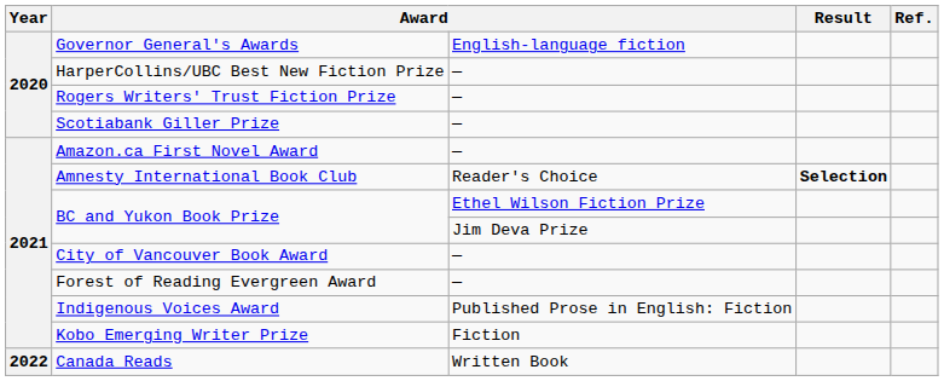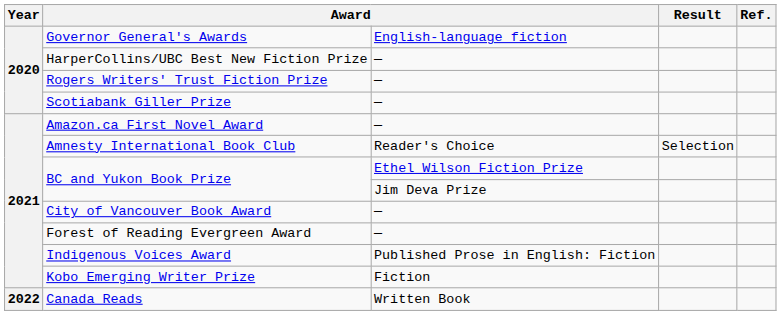 <table class="wikitable sortable">
 <tr>
 <th>Year</th>
 <th colspan="2">Award</th>
 <th>Result</th>
 <th>Ref.</th>
 </tr>
 <tr>
 <th rowspan="4">2020</th>
 <td><a href='#'>Governor General's Awards</a></td>
 <td><a href='#'>English-language fiction</a></td>
 <td></td>
 <td><em></em></td>
 </tr>
 <tr>
 <td>HarperCollins/UBC Best New Fiction Prize</td>
 <td>—</td>
 <td></td>
 <td></td>
 </tr>
 <tr>
 <td><a href='#'>Rogers Writers' Trust Fiction Prize</a></td>
 <td>—</td>
 <td></td>
 <td></td>
 </tr>
 <tr>
 <td><a href='#'>Scotiabank Giller Prize</a></td>
 <td>—</td>
 <td></td>
 <td></td>
 </tr>
 <tr>
 <th rowspan="8">2021</th>
 <td><a href='#'>Amazon.ca First Novel Award</a></td>
 <td>—</td>
 <td></td>
 <td></td>
 </tr>
 <tr>
 <td><a href='#'>Amnesty International Book Club</a></td>
 <td>Reader's Choice</td>
-<td><strong>Selection</strong></td>
+<td>Selection</td>
 <td></td>
 </tr>
 <tr>
 <td rowspan="2"><a href='#'>BC and Yukon Book Prize</a></td>
 <td><a href='#'>Ethel Wilson Fiction Prize</a></td>
 <td></td>
 <td></td>
 </tr>
 <tr>
 <td>Jim Deva Prize</td>
 <td></td>
 <td></td>
 </tr>
 <tr>
 <td><a href='#'>City of Vancouver Book Award</a></td>
 <td>—</td>
 <td></td>
 <td></td>
 </tr>
 <tr>
 <td>Forest of Reading Evergreen Award</td>
 <td>—</td>
 <td></td>
 <td></td>
 </tr>
 <tr>
 <td><a href='#'>Indigenous Voices Award</a></td>
 <td>Published Prose in English: Fiction</td>
 <td></td>
 <td></td>
 </tr>
 <tr>
 <td><a href='#'>Kobo Emerging Writer Prize</a></td>
 <td>Fiction</td>
 <td></td>
 <td></td>
 </tr>
 <tr>
 <th>2022</th>
 <td><a href='#'>Canada Reads</a></td>
 <td>Written Book</td>
 <td></td>
 <td></td>
 </tr>
 </table>
